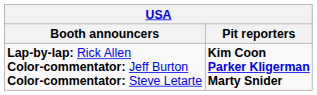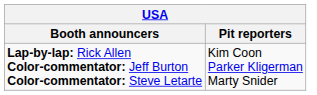 <table class="wikitable" style="font-size: 95%">
 <tr>
 <th colspan="2"><a href='#'>USA</a></th>
 </tr>
 <tr>
 <th>Booth announcers</th>
 <th>Pit reporters</th>
 </tr>
 <tr>
 <td><strong>Lap-by-lap:</strong> <a href='#'>Rick Allen</a><br><strong>Color-commentator:</strong> <a href='#'>Jeff Burton</a><br><strong>Color-commentator:</strong> <a href='#'>Steve Letarte</a></td>
-<td><strong>Kim Coon<br><a href='#'>Parker Kligerman</a><br>Marty Snider</strong></td>
+<td>Kim Coon<br><a href='#'>Parker Kligerman</a><br>Marty Snider</td>
 </tr>
 </table>
